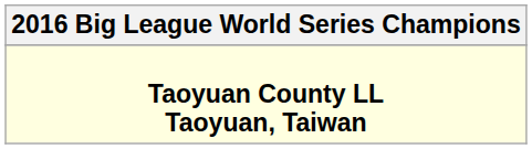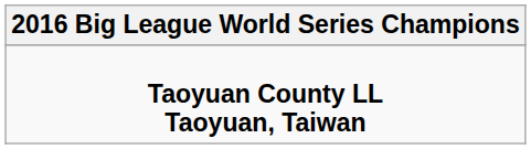 <table class="wikitable" style="text-align: center; margin: 0 auto;">
 <tr>
 <th>2016 Big League World Series Champions</th>
 </tr>
 <tr>
 </tr>
 <tr>
-<td style="background: lightyellow;"><br><strong>Taoyuan County LL</strong><br> <strong>Taoyuan, Taiwan</strong></td>
+<td><br><strong>Taoyuan County LL</strong><br> <strong>Taoyuan, Taiwan</strong></td>
 </tr>
 </table>
